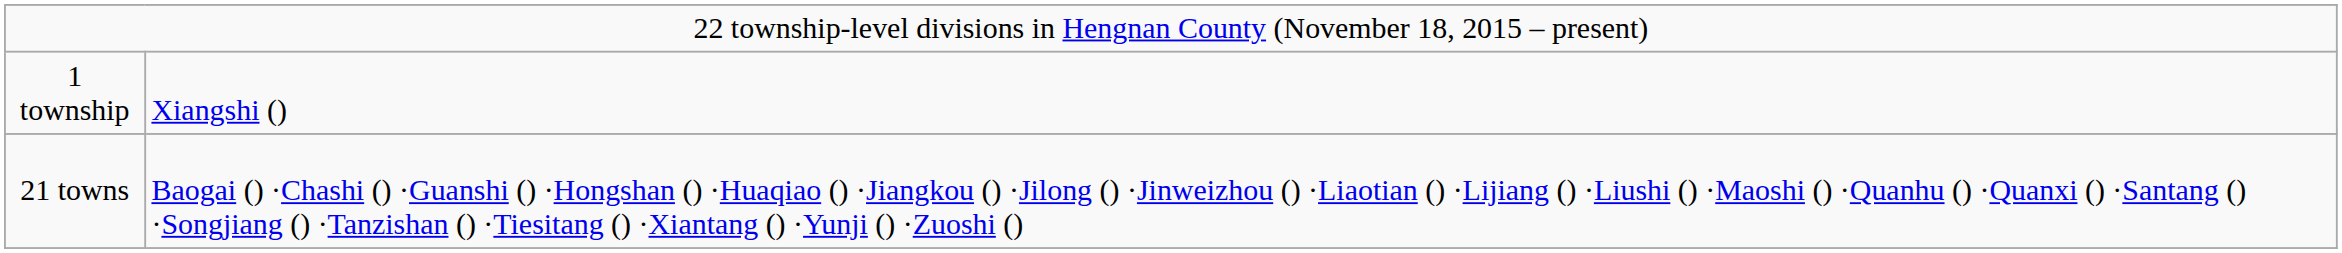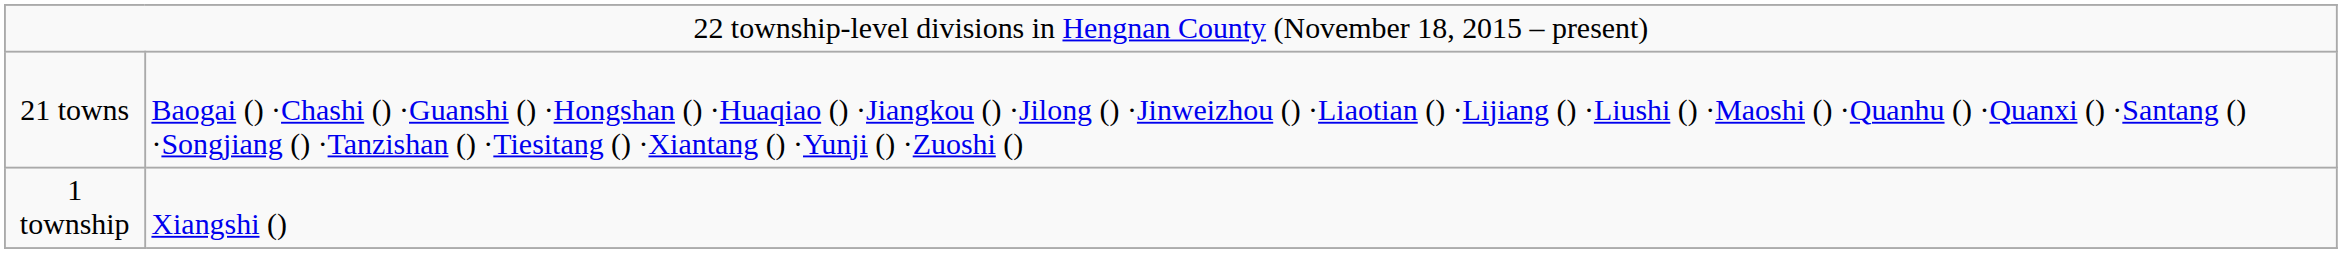 <table class="wikitable">
 <tr>
 <td style="text-align:center;" colspan="2">22 township-level divisions in <a href='#'>Hengnan County</a> (November 18, 2015 – present)</td>
 </tr>
 <tr align=left>
+<td align=center>21 towns</td>
+<td><br><a href='#'>Baogai</a> () ·<a href='#'>Chashi</a> () ·<a href='#'>Guanshi</a> () ·<a href='#'>Hongshan</a> () ·<a href='#'>Huaqiao</a> () ·<a href='#'>Jiangkou</a> () ·<a href='#'>Jilong</a> () ·<a href='#'>Jinweizhou</a> () ·<a href='#'>Liaotian</a> () ·<a href='#'>Lijiang</a> () ·<a href='#'>Liushi</a> () ·<a href='#'>Maoshi</a> () ·<a href='#'>Quanhu</a> () ·<a href='#'>Quanxi</a> () ·<a href='#'>Santang</a> () ·<a href='#'>Songjiang</a> () ·<a href='#'>Tanzishan</a> () ·<a href='#'>Tiesitang</a> () ·<a href='#'>Xiantang</a> () ·<a href='#'>Yunji</a> () ·<a href='#'>Zuoshi</a> ()</td>
+</tr>
+<tr align=left>
 <td align=center>1 township</td>
 <td><br><a href='#'>Xiangshi</a> ()</td>
 </tr>
-<tr align=left>
-<td align=center>21 towns</td>
-<td><br><a href='#'>Baogai</a> () ·<a href='#'>Chashi</a> () ·<a href='#'>Guanshi</a> () ·<a href='#'>Hongshan</a> () ·<a href='#'>Huaqiao</a> () ·<a href='#'>Jiangkou</a> () ·<a href='#'>Jilong</a> () ·<a href='#'>Jinweizhou</a> () ·<a href='#'>Liaotian</a> () ·<a href='#'>Lijiang</a> () ·<a href='#'>Liushi</a> () ·<a href='#'>Maoshi</a> () ·<a href='#'>Quanhu</a> () ·<a href='#'>Quanxi</a> () ·<a href='#'>Santang</a> () ·<a href='#'>Songjiang</a> () ·<a href='#'>Tanzishan</a> () ·<a href='#'>Tiesitang</a> () ·<a href='#'>Xiantang</a> () ·<a href='#'>Yunji</a> () ·<a href='#'>Zuoshi</a> ()</td>
-</tr>
 </table>
